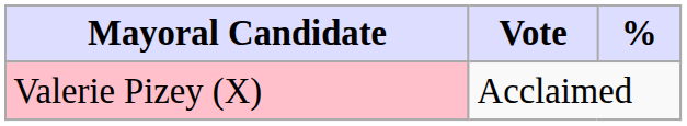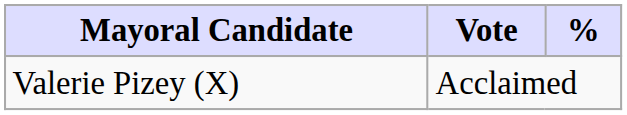 <table class="wikitable">
 <tr>
 <th style="background:#ddf; width:200px;">Mayoral Candidate</th>
 <th style="background:#ddf; width:50px;">Vote</th>
 <th style="background:#ddf; width:30px;">%</th>
 </tr>
 <tr>
-<td style="background: pink;">Valerie Pizey (X)</td>
+<td>Valerie Pizey (X)</td>
 <td colspan="2">Acclaimed</td>
 </tr>
 </table>
